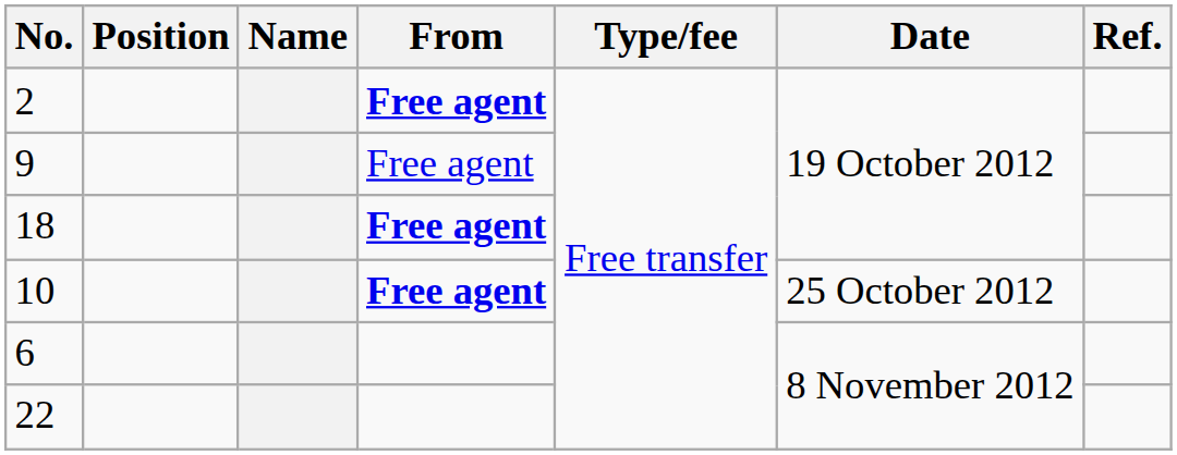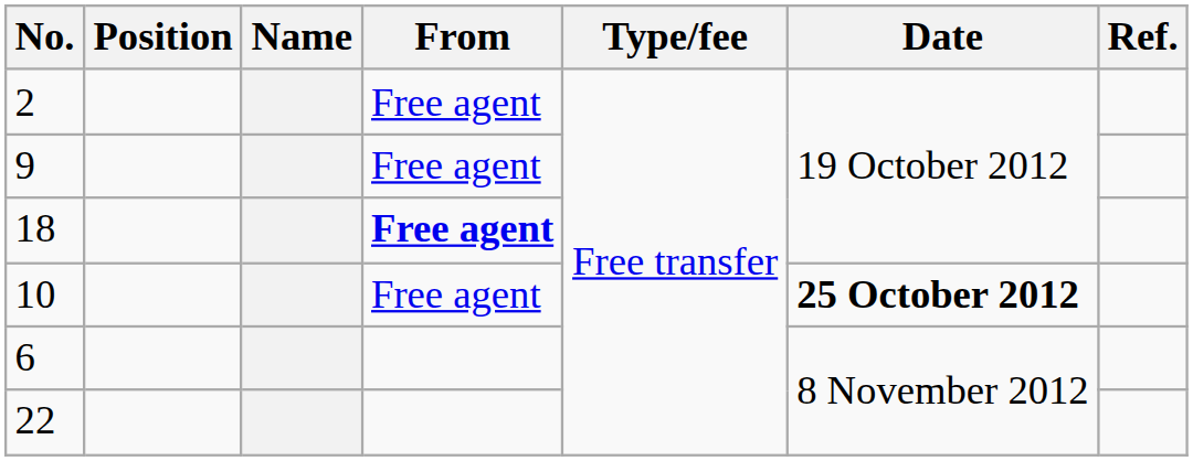 <table class="wikitable plainrowheaders sortable" style="text-align:center; text-align:left">
 <tr>
 <th>No.</th>
 <th>Position</th>
 <th>Name</th>
 <th>From</th>
 <th>Type/fee</th>
 <th>Date</th>
 <th>Ref.</th>
 </tr>
 <tr>
 <td>2</td>
 <td></td>
 <th scope="row"></th>
-<td><strong><a href='#'>Free agent</a></strong></td>
+<td><a href='#'>Free agent</a></td>
 <td rowspan="7"><a href='#'>Free transfer</a></td>
 <td rowspan="3">19 October 2012</td>
 <td></td>
 </tr>
 <tr>
 <td>9</td>
 <td></td>
 <th scope="row"></th>
 <td><a href='#'>Free agent</a></td>
 <td></td>
 </tr>
 <tr>
 <td>18</td>
 <td></td>
 <th scope="row"></th>
 <td><strong><a href='#'>Free agent</a></strong></td>
 <td></td>
 </tr>
 <tr>
 <td>10</td>
 <td></td>
 <th scope="row"></th>
-<td><strong><a href='#'>Free agent</a></strong></td>
-<td>25 October 2012</td>
+<td><a href='#'>Free agent</a></td>
+<td><strong>25 October 2012</strong></td>
 <td></td>
 </tr>
 <tr>
 <td>6</td>
 <td></td>
 <th scope="row"></th>
 <td></td>
 <td rowspan="2">8 November 2012</td>
 <td></td>
 </tr>
 <tr>
 <td>22</td>
 <td></td>
 <th scope="row"></th>
 <td></td>
 <td></td>
 </tr>
 </table>
